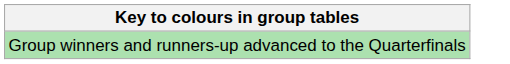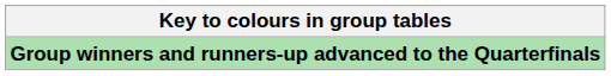 <table class="wikitable">
 <tr>
 <th>Key to colours in group tables</th>
 </tr>
 <tr bgcolor=#ACE1AF>
-<td>Group winners and runners-up advanced to the Quarterfinals</td>
+<td><strong>Group winners and runners-up advanced to the Quarterfinals</strong></td>
 </tr>
 </table>
